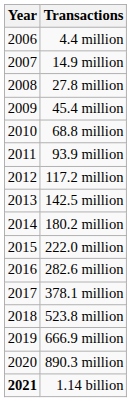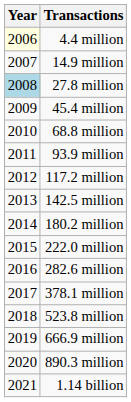 <table class="wikitable">
 <tr>
 <th>Year</th>
 <th>Transactions</th>
 </tr>
 <tr>
-<td>2006</td>
+<td style="background: lightyellow;">2006</td>
 <td style="text-align:right;">4.4 million</td>
 </tr>
 <tr>
 <td>2007</td>
 <td style="text-align:right;">14.9 million</td>
 </tr>
 <tr>
-<td>2008</td>
+<td style="background: lightblue;">2008</td>
 <td style="text-align:right;">27.8 million</td>
 </tr>
 <tr>
 <td>2009</td>
 <td style="text-align:right;">45.4 million</td>
 </tr>
 <tr>
 <td>2010</td>
 <td style="text-align:right;">68.8 million</td>
 </tr>
 <tr>
 <td>2011</td>
 <td style="text-align:right;">93.9 million</td>
 </tr>
 <tr>
 <td>2012</td>
 <td style="text-align:right;">117.2 million</td>
 </tr>
 <tr>
 <td>2013</td>
 <td style="text-align:right;">142.5 million</td>
 </tr>
 <tr>
 <td>2014</td>
 <td style="text-align:right;">180.2 million</td>
 </tr>
 <tr>
 <td>2015</td>
 <td style="text-align:right;">222.0 million</td>
 </tr>
 <tr>
 <td>2016</td>
 <td style="text-align:right;">282.6 million</td>
 </tr>
 <tr>
 <td>2017</td>
 <td style="text-align:right;">378.1 million</td>
 </tr>
 <tr>
 <td>2018</td>
 <td style="text-align:right;">523.8 million</td>
 </tr>
 <tr>
 <td>2019</td>
 <td style="text-align:right;">666.9 million</td>
 </tr>
 <tr>
 <td>2020</td>
 <td style="text-align:right;">890.3 million</td>
 </tr>
 <tr>
-<td><strong>2021</strong></td>
+<td>2021</td>
 <td style="text-align:right;">1.14 billion</td>
 </tr>
 </table>
